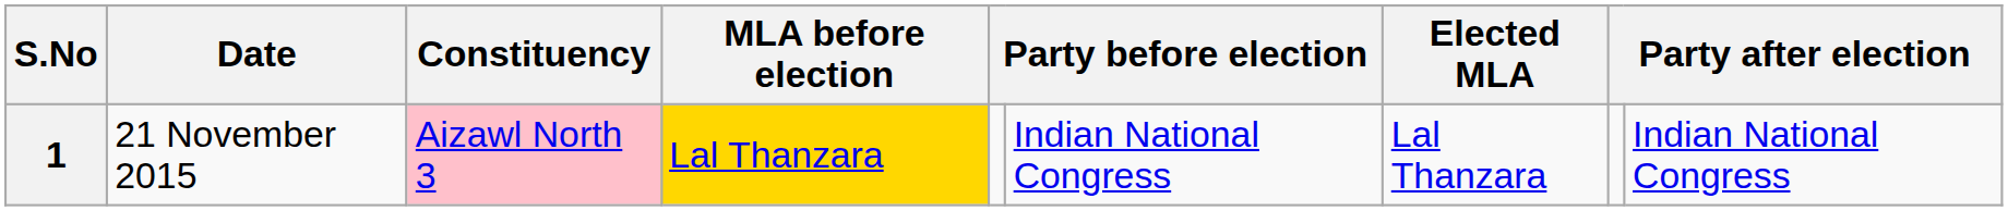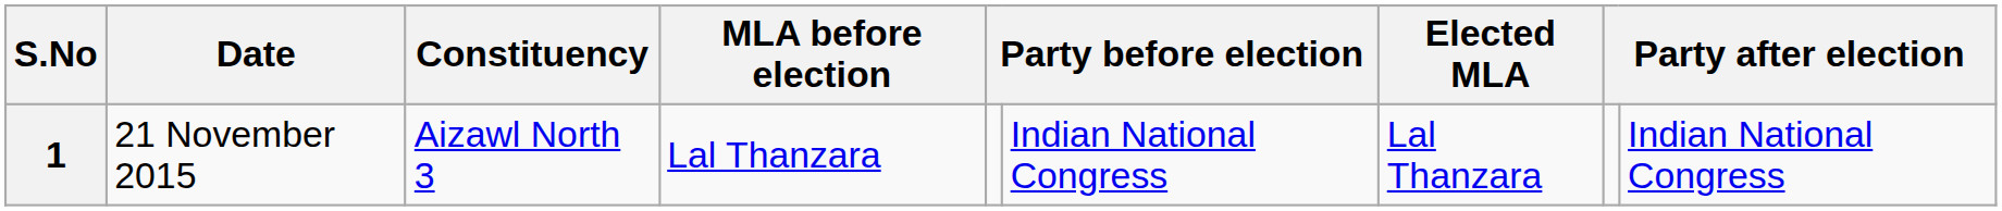 <table class="wikitable sortable">
 <tr>
 <th>S.No</th>
 <th>Date</th>
 <th>Constituency</th>
 <th>MLA before election</th>
 <th colspan="2">Party before election</th>
 <th>Elected MLA</th>
 <th colspan="2">Party after election</th>
 </tr>
 <tr>
 <th>1</th>
 <td>21 November 2015</td>
-<td style="background: pink;"><a href='#'>Aizawl North 3</a></td>
-<td style="background: gold;"><a href='#'>Lal Thanzara</a></td>
+<td><a href='#'>Aizawl North 3</a></td>
+<td><a href='#'>Lal Thanzara</a></td>
 <td></td>
 <td><a href='#'>Indian National Congress</a></td>
 <td><a href='#'>Lal Thanzara</a></td>
 <td></td>
 <td><a href='#'>Indian National Congress</a></td>
 </tr>
 </table>
